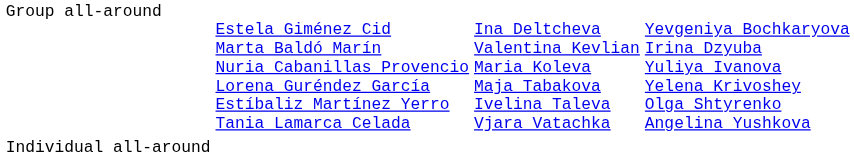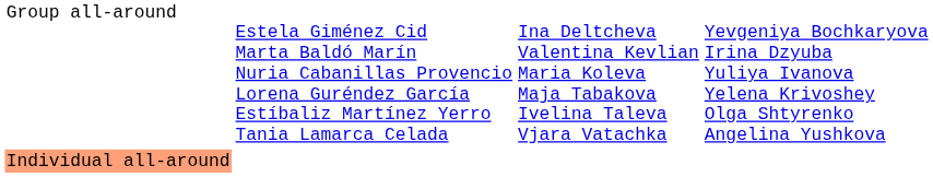 <table>
 <tr valign="top">
 <td>Group all-around<br></td>
 <td><br><a href='#'>Estela Giménez Cid</a><br><a href='#'>Marta Baldó Marín</a><br><a href='#'>Nuria Cabanillas Provencio</a><br><a href='#'>Lorena Guréndez García</a><br><a href='#'>Estíbaliz Martínez Yerro</a><br><a href='#'>Tania Lamarca Celada</a></td>
 <td><br><a href='#'>Ina Deltcheva</a><br><a href='#'>Valentina Kevlian</a><br><a href='#'>Maria Koleva</a><br><a href='#'>Maja Tabakova</a><br><a href='#'>Ivelina Taleva</a><br><a href='#'>Vjara Vatachka</a></td>
 <td><br><a href='#'>Yevgeniya Bochkaryova</a><br><a href='#'>Irina Dzyuba</a><br><a href='#'>Yuliya Ivanova</a><br><a href='#'>Yelena Krivoshey</a><br><a href='#'>Olga Shtyrenko</a><br><a href='#'>Angelina Yushkova</a></td>
 </tr>
 <tr valign="top">
-<td>Individual all-around<br></td>
+<td style="background: lightsalmon;">Individual all-around<br></td>
 <td></td>
 <td></td>
 <td></td>
 </tr>
 </table>
